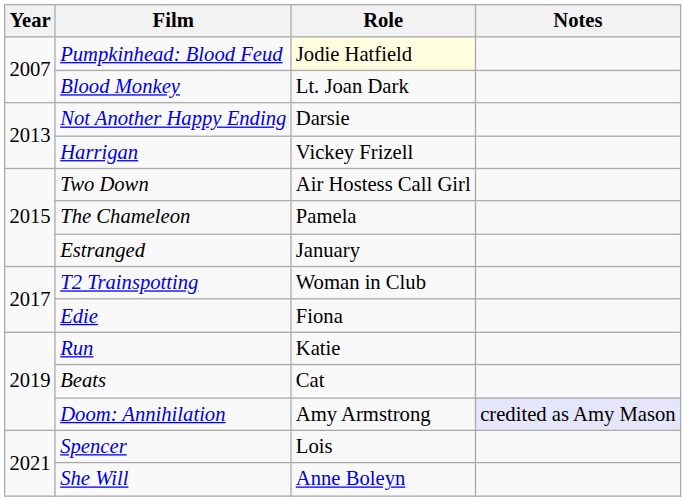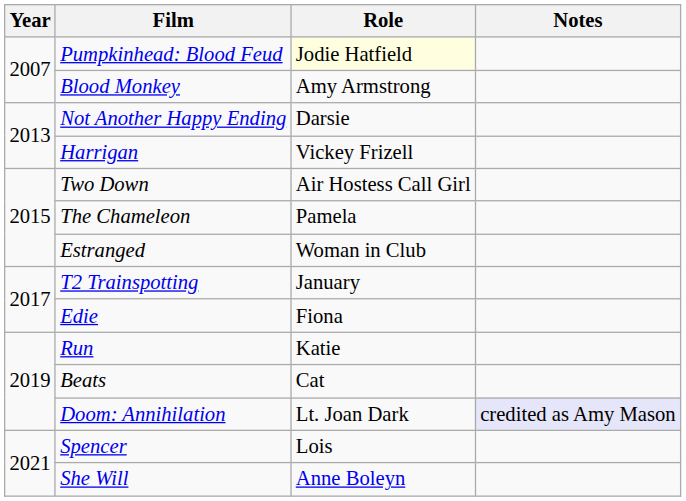 <table class="wikitable">
 <tr>
 <th>Year</th>
 <th>Film</th>
 <th>Role</th>
 <th>Notes</th>
 </tr>
 <tr>
 <td rowspan="2">2007</td>
 <td><em><a href='#'>Pumpkinhead: Blood Feud</a></em></td>
 <td style="background: lightyellow;">Jodie Hatfield</td>
 <td></td>
 </tr>
 <tr>
 <td><em><a href='#'>Blood Monkey</a></em></td>
-<td>Lt. Joan Dark</td>
+<td>Amy Armstrong</td>
 <td></td>
 </tr>
 <tr>
 <td rowspan="2">2013</td>
 <td><em><a href='#'>Not Another Happy Ending</a></em></td>
 <td>Darsie</td>
 <td></td>
 </tr>
 <tr>
 <td><em><a href='#'>Harrigan</a></em></td>
 <td>Vickey Frizell</td>
 <td></td>
 </tr>
 <tr>
 <td rowspan="3">2015</td>
 <td><em>Two Down</em></td>
 <td>Air Hostess Call Girl</td>
 <td></td>
 </tr>
 <tr>
 <td><em>The Chameleon</em></td>
 <td>Pamela</td>
 <td></td>
 </tr>
 <tr>
 <td><em>Estranged</em></td>
-<td>January</td>
+<td>Woman in Club</td>
 <td></td>
 </tr>
 <tr>
 <td rowspan="2">2017</td>
 <td><em><a href='#'>T2 Trainspotting</a></em></td>
-<td>Woman in Club</td>
+<td>January</td>
 <td></td>
 </tr>
 <tr>
 <td><em><a href='#'>Edie</a></em></td>
 <td>Fiona</td>
 <td></td>
 </tr>
 <tr>
 <td rowspan="3">2019</td>
 <td><em><a href='#'>Run</a></em></td>
 <td>Katie</td>
 <td></td>
 </tr>
 <tr>
 <td><em>Beats</em></td>
 <td>Cat</td>
 <td></td>
 </tr>
 <tr>
 <td><em><a href='#'>Doom: Annihilation</a></em></td>
-<td>Amy Armstrong</td>
+<td>Lt. Joan Dark</td>
 <td style="background: lavender;">credited as Amy Mason</td>
 </tr>
 <tr>
 <td rowspan="2">2021</td>
 <td><em><a href='#'>Spencer</a></em></td>
 <td>Lois</td>
 <td></td>
 </tr>
 <tr>
 <td><em><a href='#'>She Will</a></em></td>
 <td><a href='#'>Anne Boleyn</a></td>
 <td></td>
 </tr>
 </table>
